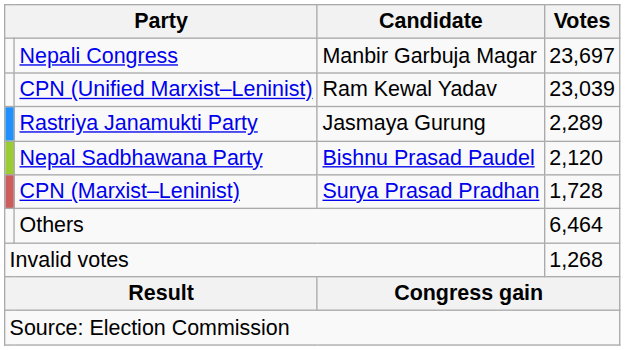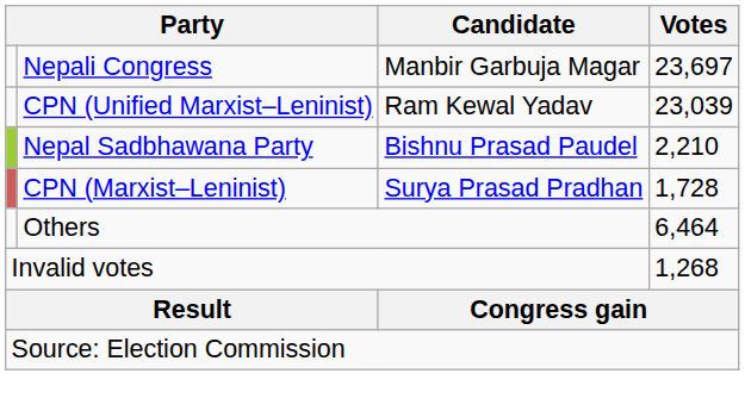 <table class="wikitable">
 <tr>
 <th colspan="2">Party</th>
 <th>Candidate</th>
 <th>Votes</th>
 </tr>
 <tr>
 <td style="background-color:"></td>
 <td><a href='#'>Nepali Congress</a></td>
 <td>Manbir Garbuja Magar</td>
 <td>23,697</td>
 </tr>
 <tr>
 <td style="background-color:"></td>
 <td><a href='#'>CPN (Unified Marxist–Leninist)</a></td>
 <td>Ram Kewal Yadav</td>
 <td>23,039</td>
 </tr>
 <tr>
-<td style="background-color:dodgerblue"></td>
-<td><a href='#'>Rastriya Janamukti Party</a></td>
-<td>Jasmaya Gurung</td>
-<td>2,289</td>
-</tr>
-<tr>
 <td style="background-color:yellowgreen"></td>
 <td><a href='#'>Nepal Sadbhawana Party</a></td>
 <td><a href='#'>Bishnu Prasad Paudel</a></td>
-<td>2,120</td>
+<td>2,210</td>
 </tr>
 <tr>
 <td style="background-color:indianred"></td>
 <td><a href='#'>CPN (Marxist–Leninist)</a></td>
 <td><a href='#'>Surya Prasad Pradhan</a></td>
 <td>1,728</td>
 </tr>
 <tr>
 <td></td>
 <td colspan="2">Others</td>
 <td>6,464</td>
 </tr>
 <tr>
 <td colspan="3">Invalid votes</td>
 <td>1,268</td>
 </tr>
 <tr>
 <th colspan="2">Result</th>
 <th colspan="2">Congress gain</th>
 </tr>
 <tr>
 <td colspan="4">Source: Election Commission</td>
 </tr>
 </table>
